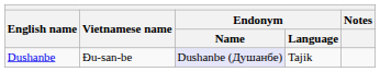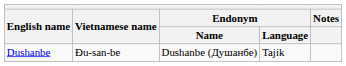 <table class="wikitable sortable">
 <tr>
 <th colspan="5"></th>
 </tr>
 <tr>
 <th rowspan="2">English name</th>
 <th rowspan="2">Vietnamese name</th>
 <th colspan="2">Endonym</th>
 <th>Notes</th>
 </tr>
 <tr>
 <th>Name</th>
 <th>Language</th>
 <th></th>
 </tr>
 <tr>
 <td><a href='#'>Dushanbe</a></td>
 <td>Đu-san-be</td>
-<td style="background: lavender;">Dushanbe (Душанбе)</td>
+<td>Dushanbe (Душанбе)</td>
 <td>Tajik</td>
 </tr>
 </table>
